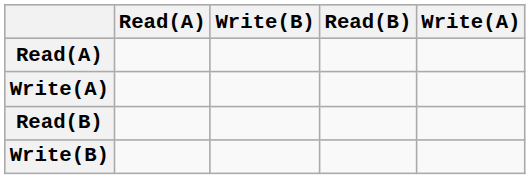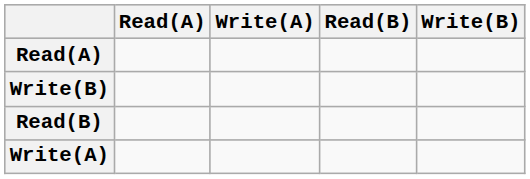 <table class="wikitable">
 <tr>
 <th></th>
 <th>Read(A)</th>
+<th>Write(A)</th>
+<th>Read(B)</th>
 <th>Write(B)</th>
-<th>Read(B)</th>
-<th>Write(A)</th>
 </tr>
 <tr>
 <th>Read(A)</th>
 <td></td>
 <td></td>
 <td></td>
 <td></td>
 </tr>
 <tr>
-<th>Write(A)</th>
+<th>Write(B)</th>
 <td></td>
 <td></td>
 <td></td>
 <td></td>
 </tr>
 <tr>
 <th>Read(B)</th>
 <td></td>
 <td></td>
 <td></td>
 <td></td>
 </tr>
 <tr>
-<th>Write(B)</th>
+<th>Write(A)</th>
 <td></td>
 <td></td>
 <td></td>
 <td></td>
 </tr>
 </table>
